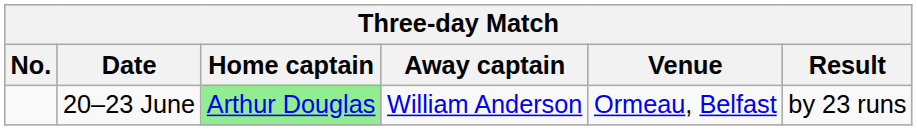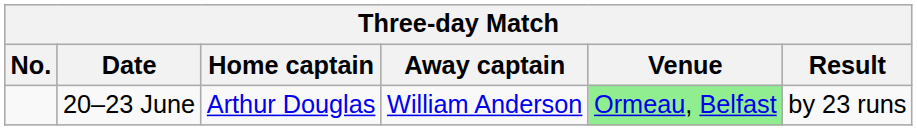 <table class="wikitable">
 <tr>
 <th colspan="9">Three-day Match</th>
 </tr>
 <tr>
 <th>No.</th>
 <th>Date</th>
 <th>Home captain</th>
 <th>Away captain</th>
 <th>Venue</th>
 <th>Result</th>
 </tr>
 <tr>
 <td></td>
 <td>20–23 June</td>
-<td style="background: lightgreen;"><a href='#'>Arthur Douglas</a></td>
+<td><a href='#'>Arthur Douglas</a></td>
 <td><a href='#'>William Anderson</a></td>
-<td><a href='#'>Ormeau</a>, <a href='#'>Belfast</a></td>
+<td style="background: lightgreen;"><a href='#'>Ormeau</a>, <a href='#'>Belfast</a></td>
 <td> by 23 runs</td>
 </tr>
 </table>
